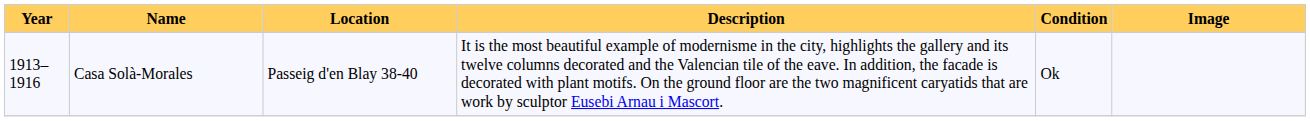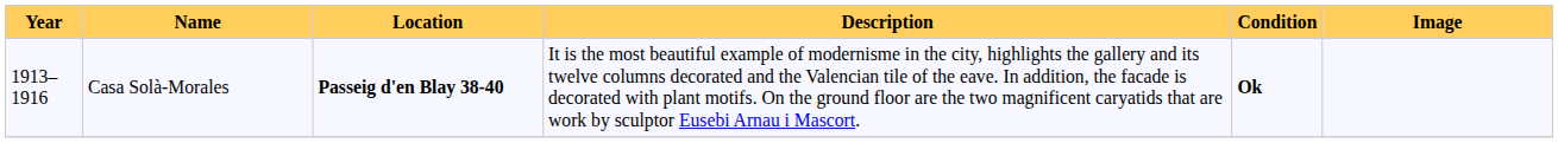 <table bgcolor="#f7f8ff" cellpadding="4" cellspacing="0" border="1" style="font-size: 95%; border: #cccccc solid 1px; border-collapse: collapse;">
 <tr>
 <th width="5%" style="background:#ffce5d;">Year</th>
 <th width="15%" style="background:#ffce5d;">Name</th>
 <th width="15%" style="background:#ffce5d;">Location</th>
 <th width="45%" style="background:#ffce5d;">Description</th>
 <th width="5%" style="background:#ffce5d;">Condition</th>
 <th width="15%" style="background:#ffce5d;">Image</th>
 </tr>
 <tr ---->
 </tr>
 <tr>
 <td>1913–1916</td>
 <td>Casa Solà-Morales</td>
-<td>Passeig d'en Blay 38-40</td>
+<td><strong>Passeig d'en Blay 38-40</strong></td>
 <td>It is the most beautiful example of modernisme in the city, highlights the gallery and its twelve columns decorated and the Valencian tile of the eave. In addition, the facade is decorated with plant motifs. On the ground floor are the two magnificent caryatids that are work by sculptor <a href='#'>Eusebi Arnau i Mascort</a>.</td>
-<td>Ok</td>
+<td><strong>Ok</strong></td>
 <td></td>
 </tr>
 <tr>
 </tr>
 </table>
